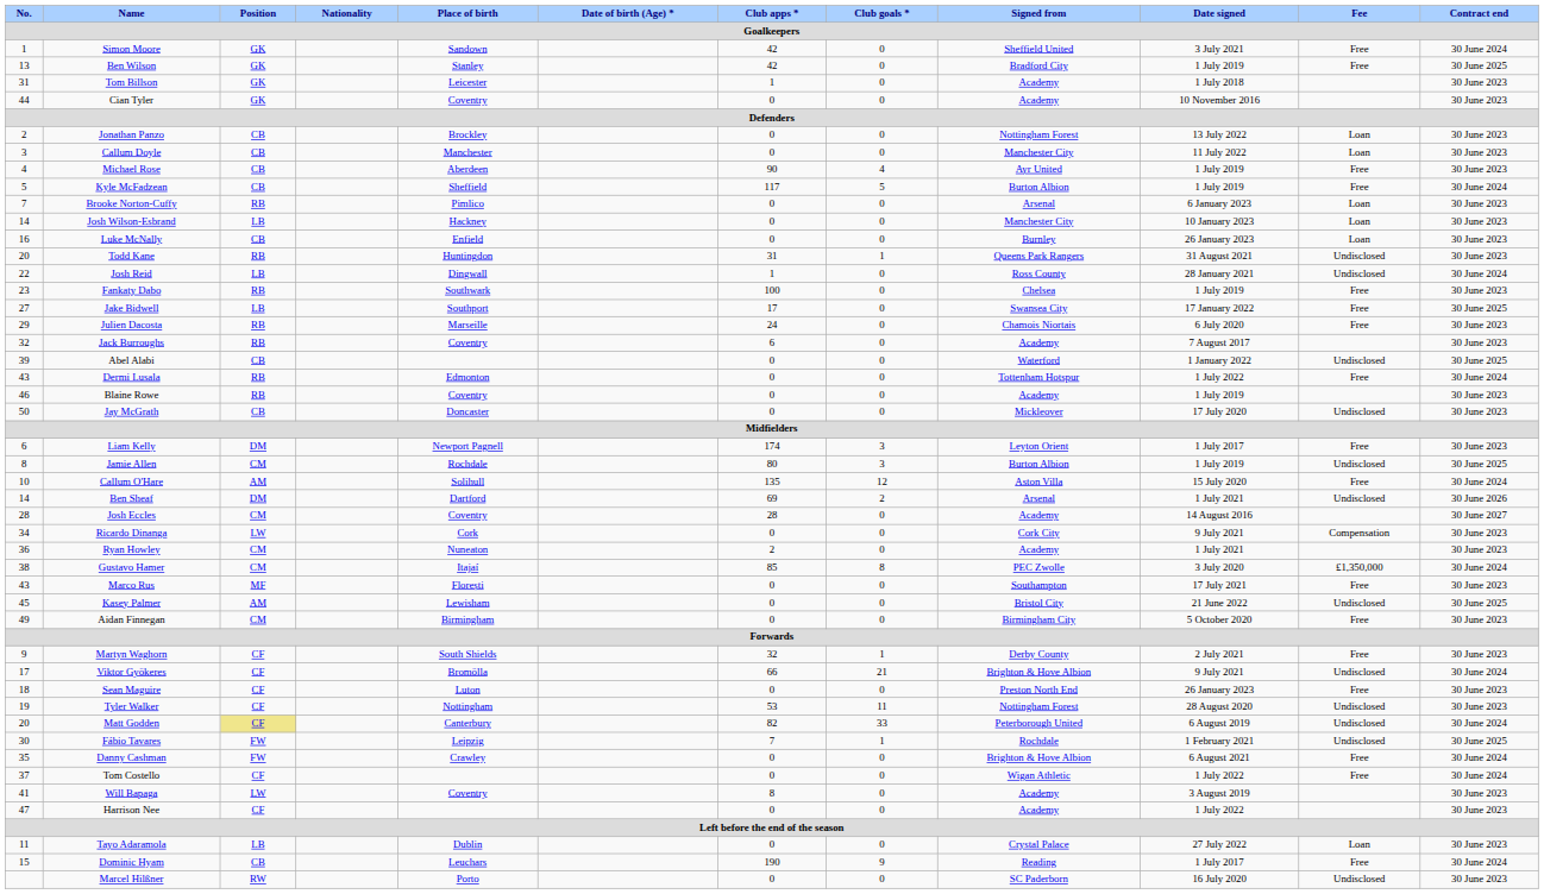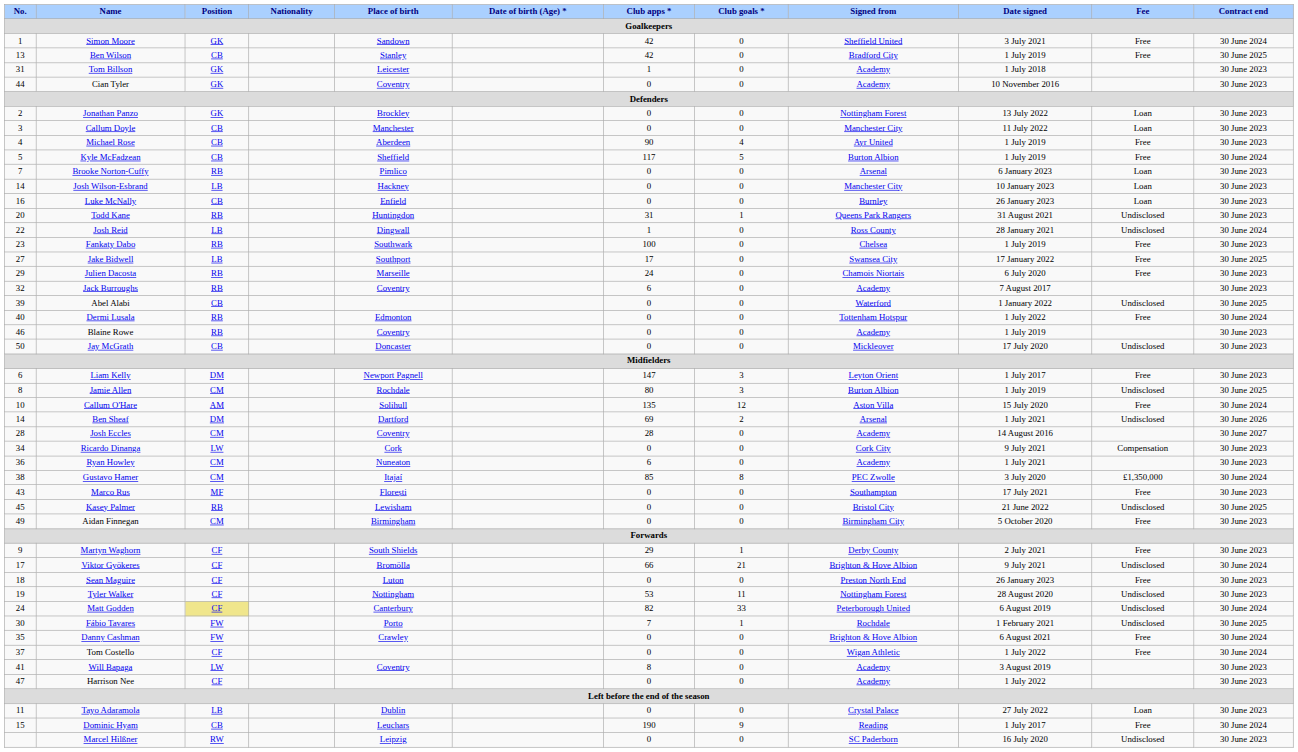 <table class="wikitable" style="text-align:center; font-size:84.5%; width:100%;">
 <tr>
 <th style="background:#AAD0FF; color:#000080; text-align:center;">No.</th>
 <th style="background:#AAD0FF; color:#000080; text-align:center;">Name</th>
 <th style="background:#AAD0FF; color:#000080; text-align:center;">Position</th>
 <th style="background:#AAD0FF; color:#000080; text-align:center;">Nationality</th>
 <th style="background:#AAD0FF; color:#000080; text-align:center;">Place of birth</th>
 <th style="background:#AAD0FF; color:#000080; text-align:center;">Date of birth (Age) *</th>
 <th style="background:#AAD0FF; color:#000080; text-align:center;">Club apps *</th>
 <th style="background:#AAD0FF; color:#000080; text-align:center;">Club goals *</th>
 <th style="background:#AAD0FF; color:#000080; text-align:center;">Signed from</th>
 <th style="background:#AAD0FF; color:#000080; text-align:center;">Date signed</th>
 <th style="background:#AAD0FF; color:#000080; text-align:center;">Fee</th>
 <th style="background:#AAD0FF; color:#000080; text-align:center;">Contract end</th>
 </tr>
 <tr>
 <th colspan="14" style="background:#dcdcdc; tepxt-align:center;">Goalkeepers</th>
 </tr>
 <tr>
 <td>1</td>
 <td><a href='#'>Simon Moore</a></td>
 <td><a href='#'>GK</a></td>
 <td></td>
 <td><a href='#'>Sandown</a></td>
 <td></td>
 <td>42</td>
 <td>0</td>
 <td><a href='#'>Sheffield United</a></td>
 <td>3 July 2021</td>
 <td>Free</td>
 <td>30 June 2024</td>
 </tr>
 <tr>
 <td>13</td>
 <td><a href='#'>Ben Wilson</a></td>
-<td><a href='#'>GK</a></td>
+<td><a href='#'>CB</a></td>
 <td></td>
 <td><a href='#'>Stanley</a></td>
 <td></td>
 <td>42</td>
 <td>0</td>
 <td><a href='#'>Bradford City</a></td>
 <td>1 July 2019</td>
 <td>Free</td>
 <td>30 June 2025</td>
 </tr>
 <tr>
 <td>31</td>
 <td><a href='#'>Tom Billson</a></td>
 <td><a href='#'>GK</a></td>
 <td></td>
 <td><a href='#'>Leicester</a></td>
 <td></td>
 <td>1</td>
 <td>0</td>
 <td><a href='#'>Academy</a></td>
 <td>1 July 2018</td>
 <td></td>
 <td>30 June 2023</td>
 </tr>
 <tr>
 <td>44</td>
 <td>Cian Tyler</td>
 <td><a href='#'>GK</a></td>
 <td></td>
 <td><a href='#'>Coventry</a></td>
 <td></td>
 <td>0</td>
 <td>0</td>
 <td><a href='#'>Academy</a></td>
 <td>10 November 2016</td>
 <td></td>
 <td>30 June 2023</td>
 </tr>
 <tr>
 <th colspan="14" style="background:#dcdcdc; text-align:center;">Defenders</th>
 </tr>
 <tr>
 <td>2</td>
 <td><a href='#'>Jonathan Panzo</a></td>
-<td><a href='#'>CB</a></td>
+<td><a href='#'>GK</a></td>
 <td></td>
 <td><a href='#'>Brockley</a></td>
 <td></td>
 <td>0</td>
 <td>0</td>
 <td><a href='#'>Nottingham Forest</a></td>
 <td>13 July 2022</td>
 <td>Loan</td>
 <td>30 June 2023</td>
 </tr>
 <tr>
 <td>3</td>
 <td><a href='#'>Callum Doyle</a></td>
 <td><a href='#'>CB</a></td>
 <td></td>
 <td><a href='#'>Manchester</a></td>
 <td></td>
 <td>0</td>
 <td>0</td>
 <td><a href='#'>Manchester City</a></td>
 <td>11 July 2022</td>
 <td>Loan</td>
 <td>30 June 2023</td>
 </tr>
 <tr>
 <td>4</td>
 <td><a href='#'>Michael Rose</a></td>
 <td><a href='#'>CB</a></td>
 <td></td>
 <td><a href='#'>Aberdeen</a></td>
 <td></td>
 <td>90</td>
 <td>4</td>
 <td><a href='#'>Ayr United</a></td>
 <td>1 July 2019</td>
 <td>Free</td>
 <td>30 June 2023</td>
 </tr>
 <tr>
 <td>5</td>
 <td><a href='#'>Kyle McFadzean</a></td>
 <td><a href='#'>CB</a></td>
 <td></td>
 <td><a href='#'>Sheffield</a></td>
 <td></td>
 <td>117</td>
 <td>5</td>
 <td><a href='#'>Burton Albion</a></td>
 <td>1 July 2019</td>
 <td>Free</td>
 <td>30 June 2024</td>
 </tr>
 <tr>
 <td>7</td>
 <td><a href='#'>Brooke Norton-Cuffy</a></td>
 <td><a href='#'>RB</a></td>
 <td></td>
 <td><a href='#'>Pimlico</a></td>
 <td></td>
 <td>0</td>
 <td>0</td>
 <td><a href='#'>Arsenal</a></td>
 <td>6 January 2023</td>
 <td>Loan</td>
 <td>30 June 2023</td>
 </tr>
 <tr>
 <td>14</td>
 <td><a href='#'>Josh Wilson-Esbrand</a></td>
 <td><a href='#'>LB</a></td>
 <td></td>
 <td><a href='#'>Hackney</a></td>
 <td></td>
 <td>0</td>
 <td>0</td>
 <td><a href='#'>Manchester City</a></td>
 <td>10 January 2023</td>
 <td>Loan</td>
 <td>30 June 2023</td>
 </tr>
 <tr>
 <td>16</td>
 <td><a href='#'>Luke McNally</a></td>
 <td><a href='#'>CB</a></td>
 <td></td>
 <td><a href='#'>Enfield</a></td>
 <td></td>
 <td>0</td>
 <td>0</td>
 <td><a href='#'>Burnley</a></td>
 <td>26 January 2023</td>
 <td>Loan</td>
 <td>30 June 2023</td>
 </tr>
 <tr>
 <td>20</td>
 <td><a href='#'>Todd Kane</a></td>
 <td><a href='#'>RB</a></td>
 <td></td>
 <td><a href='#'>Huntingdon</a></td>
 <td></td>
 <td>31</td>
 <td>1</td>
 <td><a href='#'>Queens Park Rangers</a></td>
 <td>31 August 2021</td>
 <td>Undisclosed</td>
 <td>30 June 2023</td>
 </tr>
 <tr>
 <td>22</td>
 <td><a href='#'>Josh Reid</a></td>
 <td><a href='#'>LB</a></td>
 <td></td>
 <td><a href='#'>Dingwall</a></td>
 <td></td>
 <td>1</td>
 <td>0</td>
 <td><a href='#'>Ross County</a></td>
 <td>28 January 2021</td>
 <td>Undisclosed</td>
 <td>30 June 2024</td>
 </tr>
 <tr>
 <td>23</td>
 <td><a href='#'>Fankaty Dabo</a></td>
 <td><a href='#'>RB</a></td>
 <td></td>
 <td><a href='#'>Southwark</a></td>
 <td></td>
 <td>100</td>
 <td>0</td>
 <td><a href='#'>Chelsea</a></td>
 <td>1 July 2019</td>
 <td>Free</td>
 <td>30 June 2023</td>
 </tr>
 <tr>
 <td>27</td>
 <td><a href='#'>Jake Bidwell</a></td>
 <td><a href='#'>LB</a></td>
 <td></td>
 <td><a href='#'>Southport</a></td>
 <td></td>
 <td>17</td>
 <td>0</td>
 <td><a href='#'>Swansea City</a></td>
 <td>17 January 2022</td>
 <td>Free</td>
 <td>30 June 2025</td>
 </tr>
 <tr>
 <td>29</td>
 <td><a href='#'>Julien Dacosta</a></td>
 <td><a href='#'>RB</a></td>
 <td></td>
 <td><a href='#'>Marseille</a></td>
 <td></td>
 <td>24</td>
 <td>0</td>
 <td><a href='#'>Chamois Niortais</a></td>
 <td>6 July 2020</td>
 <td>Free</td>
 <td>30 June 2023</td>
 </tr>
 <tr>
 <td>32</td>
 <td><a href='#'>Jack Burroughs</a></td>
 <td><a href='#'>RB</a></td>
 <td></td>
 <td><a href='#'>Coventry</a></td>
 <td></td>
 <td>6</td>
 <td>0</td>
 <td><a href='#'>Academy</a></td>
 <td>7 August 2017</td>
 <td></td>
 <td>30 June 2023</td>
 </tr>
 <tr>
 <td>39</td>
 <td>Abel Alabi</td>
 <td><a href='#'>CB</a></td>
 <td></td>
 <td></td>
 <td></td>
 <td>0</td>
 <td>0</td>
 <td><a href='#'>Waterford</a></td>
 <td>1 January 2022</td>
 <td>Undisclosed</td>
 <td>30 June 2025</td>
 </tr>
 <tr>
-<td>43</td>
+<td>40</td>
 <td><a href='#'>Dermi Lusala</a></td>
 <td><a href='#'>RB</a></td>
 <td></td>
 <td><a href='#'>Edmonton</a></td>
 <td></td>
 <td>0</td>
 <td>0</td>
 <td><a href='#'>Tottenham Hotspur</a></td>
 <td>1 July 2022</td>
 <td>Free</td>
 <td>30 June 2024</td>
 </tr>
 <tr>
 <td>46</td>
 <td>Blaine Rowe</td>
 <td><a href='#'>RB</a></td>
 <td></td>
 <td><a href='#'>Coventry</a></td>
 <td></td>
 <td>0</td>
 <td>0</td>
 <td><a href='#'>Academy</a></td>
 <td>1 July 2019</td>
 <td></td>
 <td>30 June 2023</td>
 </tr>
 <tr>
 <td>50</td>
 <td><a href='#'>Jay McGrath</a></td>
 <td><a href='#'>CB</a></td>
 <td></td>
 <td><a href='#'>Doncaster</a></td>
 <td></td>
 <td>0</td>
 <td>0</td>
 <td><a href='#'>Mickleover</a></td>
 <td>17 July 2020</td>
 <td>Undisclosed</td>
 <td>30 June 2023</td>
 </tr>
 <tr>
 <th colspan="14" style="background:#dcdcdc; text-align:center;">Midfielders</th>
 </tr>
 <tr>
 <td>6</td>
 <td><a href='#'>Liam Kelly</a></td>
 <td><a href='#'>DM</a></td>
 <td></td>
 <td><a href='#'>Newport Pagnell</a></td>
 <td></td>
-<td>174</td>
+<td>147</td>
 <td>3</td>
 <td><a href='#'>Leyton Orient</a></td>
 <td>1 July 2017</td>
 <td>Free</td>
 <td>30 June 2023</td>
 </tr>
 <tr>
 <td>8</td>
 <td><a href='#'>Jamie Allen</a></td>
 <td><a href='#'>CM</a></td>
 <td></td>
 <td><a href='#'>Rochdale</a></td>
 <td></td>
 <td>80</td>
 <td>3</td>
 <td><a href='#'>Burton Albion</a></td>
 <td>1 July 2019</td>
 <td>Undisclosed</td>
 <td>30 June 2025</td>
 </tr>
 <tr>
 <td>10</td>
 <td><a href='#'>Callum O'Hare</a></td>
 <td><a href='#'>AM</a></td>
 <td></td>
 <td><a href='#'>Solihull</a></td>
 <td></td>
 <td>135</td>
 <td>12</td>
 <td><a href='#'>Aston Villa</a></td>
 <td>15 July 2020</td>
 <td>Free</td>
 <td>30 June 2024</td>
 </tr>
 <tr>
 <td>14</td>
 <td><a href='#'>Ben Sheaf</a></td>
 <td><a href='#'>DM</a></td>
 <td></td>
 <td><a href='#'>Dartford</a></td>
 <td></td>
 <td>69</td>
 <td>2</td>
 <td><a href='#'>Arsenal</a></td>
 <td>1 July 2021</td>
 <td>Undisclosed</td>
 <td>30 June 2026</td>
 </tr>
 <tr>
 <td>28</td>
 <td><a href='#'>Josh Eccles</a></td>
 <td><a href='#'>CM</a></td>
 <td></td>
 <td><a href='#'>Coventry</a></td>
 <td></td>
 <td>28</td>
 <td>0</td>
 <td><a href='#'>Academy</a></td>
 <td>14 August 2016</td>
 <td></td>
 <td>30 June 2027</td>
 </tr>
 <tr>
 <td>34</td>
 <td><a href='#'>Ricardo Dinanga</a></td>
 <td><a href='#'>LW</a></td>
 <td></td>
 <td><a href='#'>Cork</a></td>
 <td></td>
 <td>0</td>
 <td>0</td>
 <td><a href='#'>Cork City</a></td>
 <td>9 July 2021</td>
 <td>Compensation</td>
 <td>30 June 2023</td>
 </tr>
 <tr>
 <td>36</td>
 <td><a href='#'>Ryan Howley</a></td>
 <td><a href='#'>CM</a></td>
 <td></td>
 <td><a href='#'>Nuneaton</a></td>
 <td></td>
-<td>2</td>
+<td>6</td>
 <td>0</td>
 <td><a href='#'>Academy</a></td>
 <td>1 July 2021</td>
 <td></td>
 <td>30 June 2023</td>
 </tr>
 <tr>
 <td>38</td>
 <td><a href='#'>Gustavo Hamer</a></td>
 <td><a href='#'>CM</a></td>
 <td></td>
 <td><a href='#'>Itajaí</a></td>
 <td></td>
 <td>85</td>
 <td>8</td>
 <td><a href='#'>PEC Zwolle</a></td>
 <td>3 July 2020</td>
 <td>£1,350,000</td>
 <td>30 June 2024</td>
 </tr>
 <tr>
 <td>43</td>
 <td><a href='#'>Marco Rus</a></td>
 <td><a href='#'>MF</a></td>
 <td></td>
 <td><a href='#'>Florești</a></td>
 <td></td>
 <td>0</td>
 <td>0</td>
 <td><a href='#'>Southampton</a></td>
 <td>17 July 2021</td>
 <td>Free</td>
 <td>30 June 2023</td>
 </tr>
 <tr>
 <td>45</td>
 <td><a href='#'>Kasey Palmer</a></td>
-<td><a href='#'>AM</a></td>
+<td><a href='#'>RB</a></td>
 <td></td>
 <td><a href='#'>Lewisham</a></td>
 <td></td>
 <td>0</td>
 <td>0</td>
 <td><a href='#'>Bristol City</a></td>
 <td>21 June 2022</td>
 <td>Undisclosed</td>
 <td>30 June 2025</td>
 </tr>
 <tr>
 <td>49</td>
 <td>Aidan Finnegan</td>
 <td><a href='#'>CM</a></td>
 <td></td>
 <td><a href='#'>Birmingham</a></td>
 <td></td>
 <td>0</td>
 <td>0</td>
 <td><a href='#'>Birmingham City</a></td>
 <td>5 October 2020</td>
 <td>Free</td>
 <td>30 June 2023</td>
 </tr>
 <tr>
 <th colspan="14" style="background:#dcdcdc; text-align:center;">Forwards</th>
 </tr>
 <tr>
 <td>9</td>
 <td><a href='#'>Martyn Waghorn</a></td>
 <td><a href='#'>CF</a></td>
 <td></td>
 <td><a href='#'>South Shields</a></td>
 <td></td>
-<td>32</td>
+<td>29</td>
 <td>1</td>
 <td><a href='#'>Derby County</a></td>
 <td>2 July 2021</td>
 <td>Free</td>
 <td>30 June 2023</td>
 </tr>
 <tr>
 <td>17</td>
 <td><a href='#'>Viktor Gyökeres</a></td>
 <td><a href='#'>CF</a></td>
 <td></td>
 <td><a href='#'>Bromölla</a></td>
 <td></td>
 <td>66</td>
 <td>21</td>
 <td><a href='#'>Brighton & Hove Albion</a></td>
 <td>9 July 2021</td>
 <td>Undisclosed</td>
 <td>30 June 2024</td>
 </tr>
 <tr>
 <td>18</td>
 <td><a href='#'>Sean Maguire</a></td>
 <td><a href='#'>CF</a></td>
 <td></td>
 <td><a href='#'>Luton</a></td>
 <td></td>
 <td>0</td>
 <td>0</td>
 <td><a href='#'>Preston North End</a></td>
 <td>26 January 2023</td>
 <td>Free</td>
 <td>30 June 2023</td>
 </tr>
 <tr>
 <td>19</td>
 <td><a href='#'>Tyler Walker</a></td>
 <td><a href='#'>CF</a></td>
 <td></td>
 <td><a href='#'>Nottingham</a></td>
 <td></td>
 <td>53</td>
 <td>11</td>
 <td><a href='#'>Nottingham Forest</a></td>
 <td>28 August 2020</td>
 <td>Undisclosed</td>
 <td>30 June 2023</td>
 </tr>
 <tr>
-<td>20</td>
+<td>24</td>
 <td><a href='#'>Matt Godden</a></td>
 <td style="background: khaki;"><a href='#'>CF</a></td>
 <td></td>
 <td><a href='#'>Canterbury</a></td>
 <td></td>
 <td>82</td>
 <td>33</td>
 <td><a href='#'>Peterborough United</a></td>
 <td>6 August 2019</td>
 <td>Undisclosed</td>
 <td>30 June 2024</td>
 </tr>
 <tr>
 <td>30</td>
 <td><a href='#'>Fábio Tavares</a></td>
 <td><a href='#'>FW</a></td>
 <td></td>
-<td><a href='#'>Leipzig</a></td>
+<td><a href='#'>Porto</a></td>
 <td></td>
 <td>7</td>
 <td>1</td>
 <td><a href='#'>Rochdale</a></td>
 <td>1 February 2021</td>
 <td>Undisclosed</td>
 <td>30 June 2025</td>
 </tr>
 <tr>
 <td>35</td>
 <td><a href='#'>Danny Cashman</a></td>
 <td><a href='#'>FW</a></td>
 <td></td>
 <td><a href='#'>Crawley</a></td>
 <td></td>
 <td>0</td>
 <td>0</td>
 <td><a href='#'>Brighton & Hove Albion</a></td>
 <td>6 August 2021</td>
 <td>Free</td>
 <td>30 June 2024</td>
 </tr>
 <tr>
 <td>37</td>
 <td>Tom Costello</td>
 <td><a href='#'>CF</a></td>
 <td></td>
 <td></td>
 <td></td>
 <td>0</td>
 <td>0</td>
 <td><a href='#'>Wigan Athletic</a></td>
 <td>1 July 2022</td>
 <td>Free</td>
 <td>30 June 2024</td>
 </tr>
 <tr>
 <td>41</td>
 <td><a href='#'>Will Bapaga</a></td>
 <td><a href='#'>LW</a></td>
 <td></td>
 <td><a href='#'>Coventry</a></td>
 <td></td>
 <td>8</td>
 <td>0</td>
 <td><a href='#'>Academy</a></td>
 <td>3 August 2019</td>
 <td></td>
 <td>30 June 2023</td>
 </tr>
 <tr>
 <td>47</td>
 <td>Harrison Nee</td>
 <td><a href='#'>CF</a></td>
 <td></td>
 <td></td>
 <td></td>
 <td>0</td>
 <td>0</td>
 <td><a href='#'>Academy</a></td>
 <td>1 July 2022</td>
 <td></td>
 <td>30 June 2023</td>
 </tr>
 <tr>
 <th colspan="14" style="background:#dcdcdc; text-align:center;">Left before the end of the season</th>
 </tr>
 <tr>
 <td>11</td>
 <td><a href='#'>Tayo Adaramola</a></td>
 <td><a href='#'>LB</a></td>
 <td></td>
 <td><a href='#'>Dublin</a></td>
 <td></td>
 <td>0</td>
 <td>0</td>
 <td><a href='#'>Crystal Palace</a></td>
 <td>27 July 2022</td>
 <td>Loan</td>
 <td>30 June 2023</td>
 </tr>
 <tr>
 <td>15</td>
 <td><a href='#'>Dominic Hyam</a></td>
 <td><a href='#'>CB</a></td>
 <td></td>
 <td><a href='#'>Leuchars</a></td>
 <td></td>
 <td>190</td>
 <td>9</td>
 <td><a href='#'>Reading</a></td>
 <td>1 July 2017</td>
 <td>Free</td>
 <td>30 June 2024</td>
 </tr>
 <tr>
 <td></td>
 <td><a href='#'>Marcel Hilßner</a></td>
 <td><a href='#'>RW</a></td>
 <td></td>
-<td><a href='#'>Porto</a></td>
+<td><a href='#'>Leipzig</a></td>
 <td></td>
 <td>0</td>
 <td>0</td>
 <td><a href='#'>SC Paderborn</a></td>
 <td>16 July 2020</td>
 <td>Undisclosed</td>
 <td>30 June 2023</td>
 </tr>
 </table>
